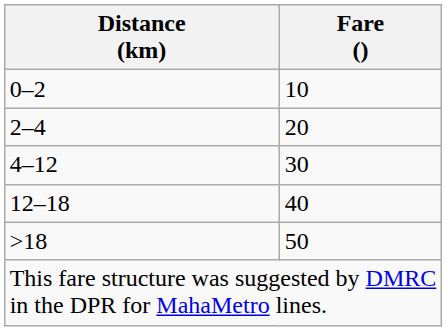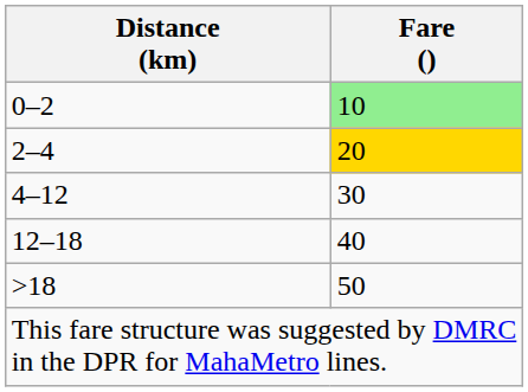 <table class="wikitable" style="margin:auto;">
 <tr>
 <th>Distance<br>(km)</th>
 <th>Fare<br>()</th>
 </tr>
 <tr>
 <td>0–2</td>
-<td>10</td>
+<td style="background: lightgreen;">10</td>
 </tr>
 <tr>
 <td>2–4</td>
-<td>20</td>
+<td style="background: gold;">20</td>
 </tr>
 <tr>
 <td>4–12</td>
 <td>30</td>
 </tr>
 <tr>
 <td>12–18</td>
 <td>40</td>
 </tr>
 <tr>
 <td>>18</td>
 <td>50</td>
 </tr>
 <tr>
 <td colspan="2">This fare structure was suggested by <a href='#'>DMRC</a><br>in the DPR for <a href='#'>MahaMetro</a> lines.</td>
 </tr>
 </table>
